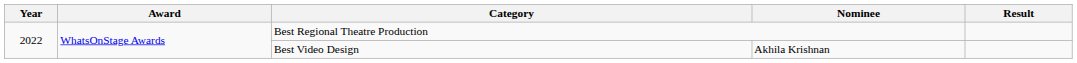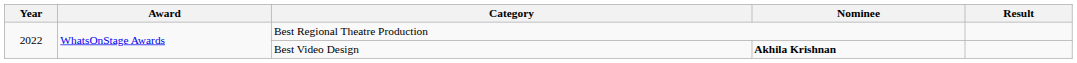 <table class="wikitable" width="95%">
 <tr>
 <th width="5%">Year</th>
 <th width="20%">Award</th>
 <th width="45%">Category</th>
 <th width="20%">Nominee</th>
 <th width="10%">Result</th>
 </tr>
 <tr>
 <td rowspan="2" align="center">2022</td>
 <td rowspan="2"><a href='#'>WhatsOnStage Awards</a></td>
 <td colspan="2">Best Regional Theatre Production</td>
 <td></td>
 </tr>
 <tr>
 <td>Best Video Design</td>
-<td>Akhila Krishnan</td>
+<td><strong>Akhila Krishnan</strong></td>
 <td></td>
 </tr>
 </table>
